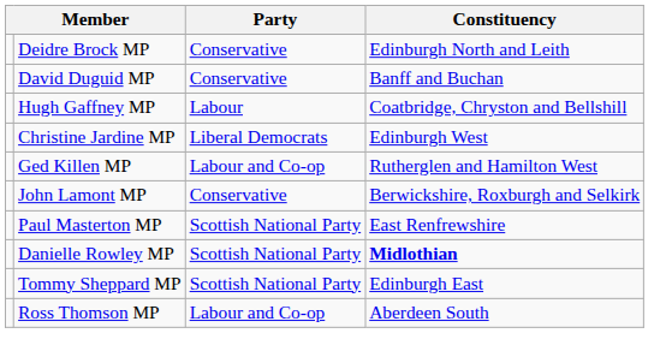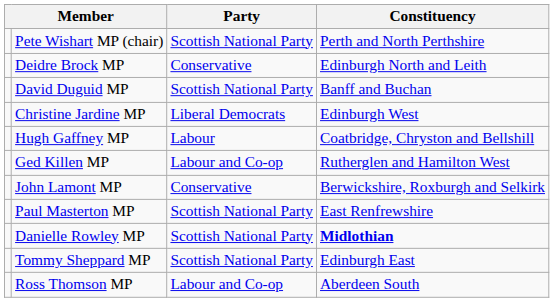 <table class="wikitable">
 <tr>
 <th colspan="2" valign="top">Member</th>
 <th valign="top">Party</th>
 <th valign="top">Constituency</th>
+</tr>
+<tr>
+<td style="color:inherit;background:"></td>
+<td><a href='#'>Pete Wishart</a> MP (chair)</td>
+<td><a href='#'>Scottish National Party</a></td>
+<td><a href='#'>Perth and North Perthshire</a></td>
 </tr>
 <tr>
 <td style="color:inherit;background:"></td>
 <td><a href='#'>Deidre Brock</a> MP</td>
 <td><a href='#'>Conservative</a></td>
 <td><a href='#'>Edinburgh North and Leith</a></td>
 </tr>
 <tr>
 <td style="color:inherit;background:"></td>
 <td><a href='#'>David Duguid</a> MP</td>
-<td><a href='#'>Conservative</a></td>
+<td><a href='#'>Scottish National Party</a></td>
 <td><a href='#'>Banff and Buchan</a></td>
+</tr>
+<tr>
+<td style="color:inherit;background:"></td>
+<td><a href='#'>Christine Jardine</a> MP</td>
+<td><a href='#'>Liberal Democrats</a></td>
+<td><a href='#'>Edinburgh West</a></td>
 </tr>
 <tr>
 <td style="color:inherit;background:"></td>
 <td><a href='#'>Hugh Gaffney</a> MP</td>
 <td><a href='#'>Labour</a></td>
 <td><a href='#'>Coatbridge, Chryston and Bellshill</a></td>
-</tr>
-<tr>
-<td style="color:inherit;background:"></td>
-<td><a href='#'>Christine Jardine</a> MP</td>
-<td><a href='#'>Liberal Democrats</a></td>
-<td><a href='#'>Edinburgh West</a></td>
 </tr>
 <tr>
 <td style="color:inherit;background:"></td>
 <td><a href='#'>Ged Killen</a> MP</td>
 <td><a href='#'>Labour and Co-op</a></td>
 <td><a href='#'>Rutherglen and Hamilton West</a></td>
 </tr>
 <tr>
 <td style="color:inherit;background:"></td>
 <td><a href='#'>John Lamont</a> MP</td>
 <td><a href='#'>Conservative</a></td>
 <td><a href='#'>Berwickshire, Roxburgh and Selkirk</a></td>
 </tr>
 <tr>
 <td style="color:inherit;background:"></td>
 <td><a href='#'>Paul Masterton</a> MP</td>
 <td><a href='#'>Scottish National Party</a></td>
 <td><a href='#'>East Renfrewshire</a></td>
 </tr>
 <tr>
 <td style="color:inherit;background:"></td>
 <td><a href='#'>Danielle Rowley</a> MP</td>
 <td><a href='#'>Scottish National Party</a></td>
 <td><strong><a href='#'>Midlothian</a></strong></td>
 </tr>
 <tr>
 <td style="color:inherit;background:"></td>
 <td><a href='#'>Tommy Sheppard</a> MP</td>
 <td><a href='#'>Scottish National Party</a></td>
 <td><a href='#'>Edinburgh East</a></td>
 </tr>
 <tr>
 <td style="color:inherit;background:"></td>
 <td><a href='#'>Ross Thomson</a> MP</td>
 <td><a href='#'>Labour and Co-op</a></td>
 <td><a href='#'>Aberdeen South</a></td>
 </tr>
 </table>
